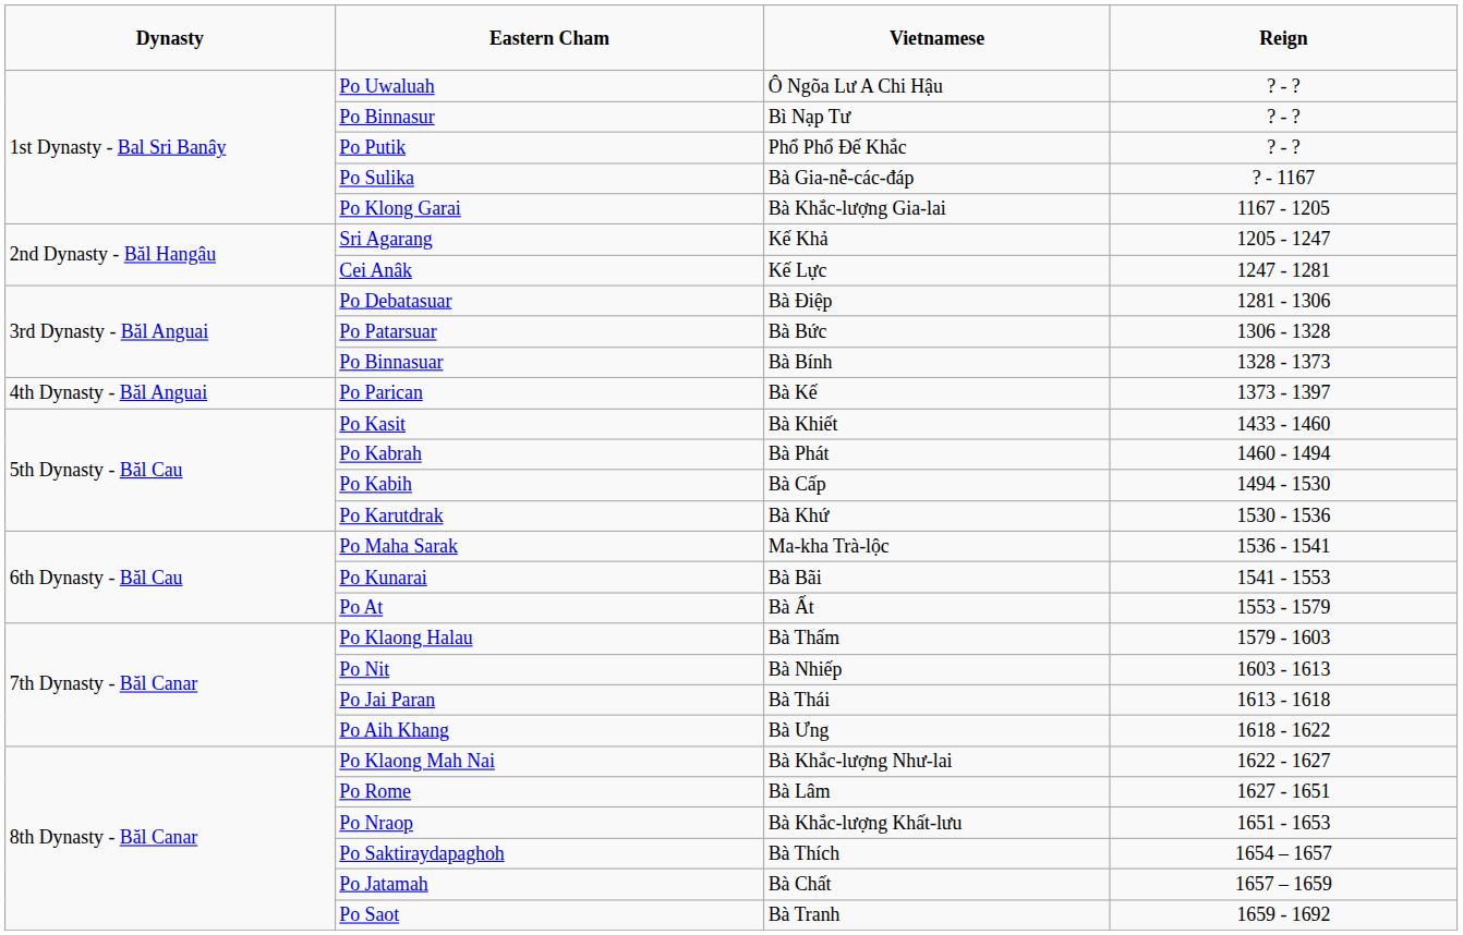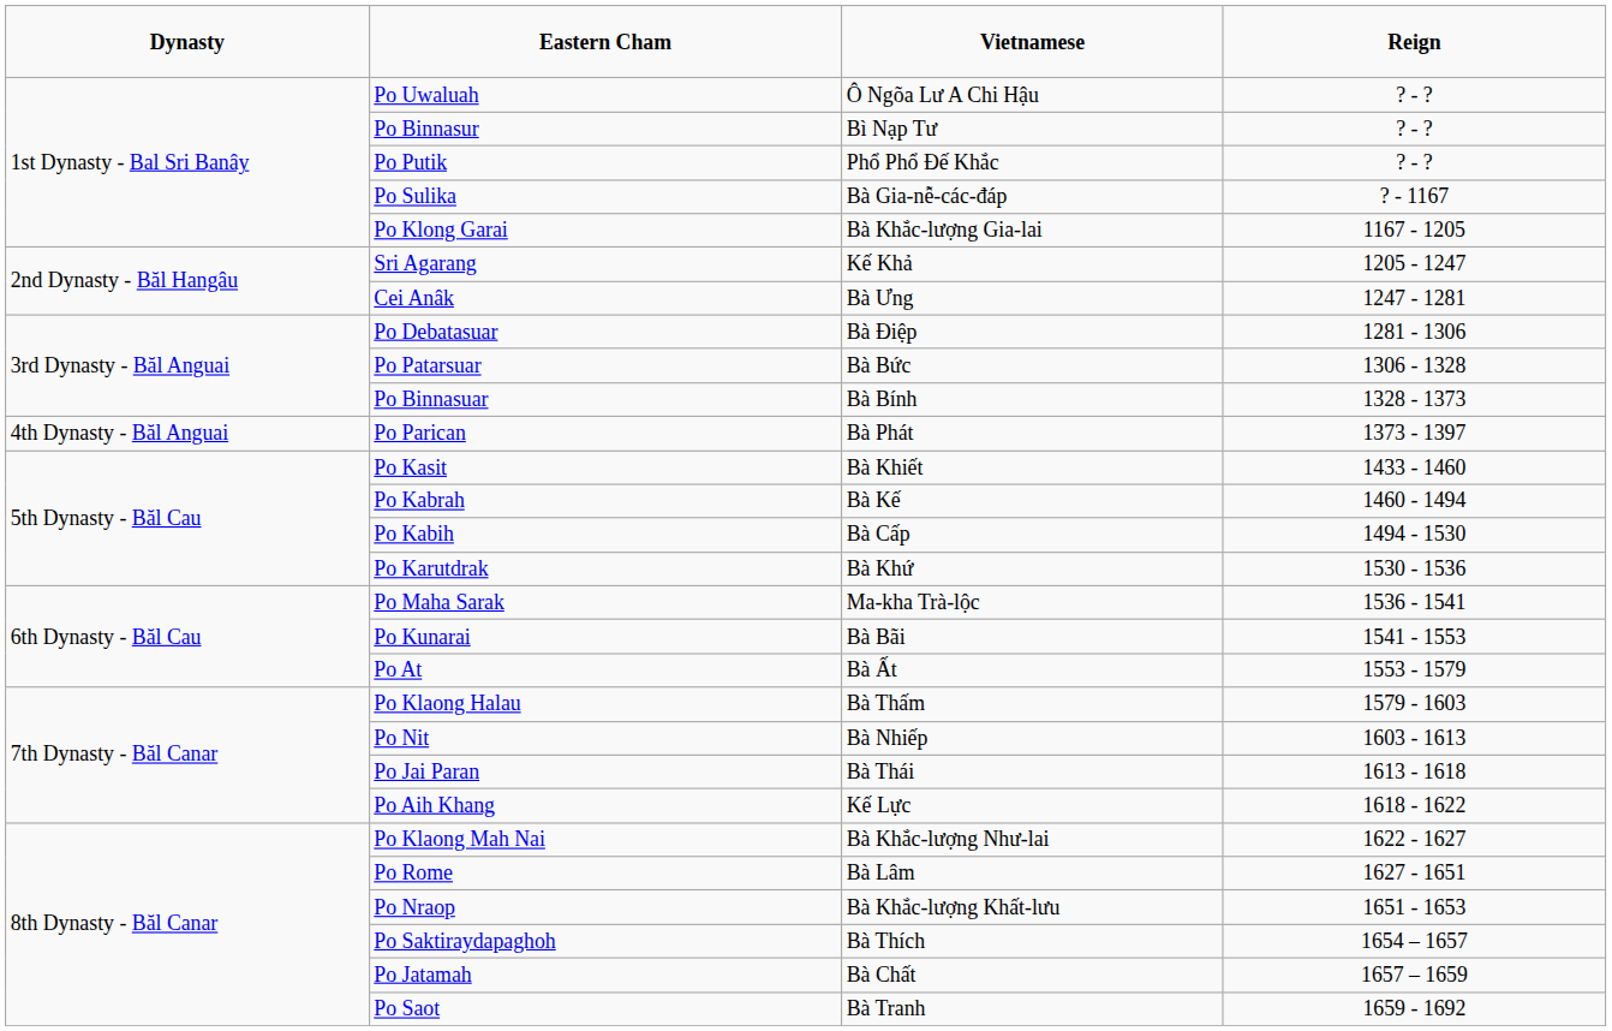 <table class="wikitable" style="border-collapse: collapse" width="95%" border="1" cellpadding="2">
 <tr>
 <td width="20%" height="47" align="center" valign="middle"><span><strong>Dynasty</strong></span></td>
 <td width="26%" height="47" align="center"><span><strong>Eastern Cham</strong></span></td>
 <td width="21%" height="47" align="center"><span><strong>Vietnamese</strong></span></td>
 <td width="21%" height="47" align="center"><span><strong>Reign</strong></span></td>
 </tr>
 <tr>
 <td rowspan="5" valign="middle">1st Dynasty - <a href='#'>Bal Sri Banây</a></td>
 <td><a href='#'>Po Uwaluah</a></td>
 <td>Ô Ngõa Lư A Chi Hậu</td>
 <td align="center">? - ?</td>
 </tr>
 <tr>
 <td><a href='#'>Po Binnasur</a></td>
 <td>Bì Nạp Tư</td>
 <td align="center">? - ?</td>
 </tr>
 <tr>
 <td><a href='#'>Po Putik</a></td>
 <td>Phổ Phổ Đế Khắc</td>
 <td align="center">? - ?</td>
 </tr>
 <tr>
 <td><a href='#'>Po Sulika</a></td>
 <td>Bà Gia-nễ-các-đáp</td>
 <td align="center">? - 1167</td>
 </tr>
 <tr>
 <td><a href='#'>Po Klong Garai</a></td>
 <td>Bà Khắc-lượng Gia-lai</td>
 <td align="center">1167 - 1205</td>
 </tr>
 <tr>
 <td rowspan="2" valign="middle">2nd Dynasty - <a href='#'>Băl Hangâu</a></td>
 <td><a href='#'>Sri Agarang</a></td>
 <td>Kế Khả</td>
 <td align="center">1205 - 1247</td>
 </tr>
 <tr>
 <td><a href='#'>Cei Anâk</a></td>
-<td>Kế Lực</td>
+<td>Bà Ưng</td>
 <td align="center">1247 - 1281</td>
 </tr>
 <tr>
 <td rowspan="3" valign="middle">3rd Dynasty - <a href='#'>Băl Anguai</a></td>
 <td><a href='#'>Po Debatasuar</a></td>
 <td>Bà Điệp</td>
 <td align="center">1281 - 1306</td>
 </tr>
 <tr>
 <td><a href='#'>Po Patarsuar</a></td>
 <td>Bà Bức</td>
 <td align="center">1306 - 1328</td>
 </tr>
 <tr>
 <td><a href='#'>Po Binnasuar</a></td>
 <td>Bà Bính</td>
 <td align="center">1328 - 1373</td>
 </tr>
 <tr>
 <td rowspan="1" valign="middle">4th Dynasty - <a href='#'>Băl Anguai</a></td>
 <td><a href='#'>Po Parican</a></td>
-<td>Bà Kế</td>
+<td>Bà Phát</td>
 <td align="center">1373 - 1397</td>
 </tr>
 <tr>
 <td rowspan="4" valign="middle">5th Dynasty - <a href='#'>Băl Cau</a></td>
 <td><a href='#'>Po Kasit</a></td>
 <td>Bà Khiết</td>
 <td align="center">1433 - 1460</td>
 </tr>
 <tr>
 <td><a href='#'>Po Kabrah</a></td>
-<td>Bà Phát</td>
+<td>Bà Kế</td>
 <td align="center">1460 - 1494</td>
 </tr>
 <tr>
 <td><a href='#'>Po Kabih</a></td>
 <td>Bà Cấp</td>
 <td align="center">1494 - 1530</td>
 </tr>
 <tr>
 <td><a href='#'>Po Karutdrak</a></td>
 <td>Bà Khứ</td>
 <td align="center">1530 - 1536</td>
 </tr>
 <tr>
 <td rowspan="3" valign="middle">6th Dynasty - <a href='#'>Băl Cau</a></td>
 <td><a href='#'>Po Maha Sarak</a></td>
 <td>Ma-kha Trà-lộc</td>
 <td align="center">1536 - 1541</td>
 </tr>
 <tr>
 <td><a href='#'>Po Kunarai</a></td>
 <td>Bà Bãi</td>
 <td align="center">1541 - 1553</td>
 </tr>
 <tr>
 <td><a href='#'>Po At</a></td>
 <td>Bà Ất</td>
 <td align="center">1553 - 1579</td>
 </tr>
 <tr>
 <td rowspan="4" valign="middle">7th Dynasty - <a href='#'>Băl Canar</a></td>
 <td><a href='#'>Po Klaong Halau</a></td>
 <td>Bà Thấm</td>
 <td align="center">1579 - 1603</td>
 </tr>
 <tr>
 <td><a href='#'>Po Nit</a></td>
 <td>Bà Nhiếp</td>
 <td align="center">1603 - 1613</td>
 </tr>
 <tr>
 <td><a href='#'>Po Jai Paran</a></td>
 <td>Bà Thái</td>
 <td align="center">1613 - 1618</td>
 </tr>
 <tr>
 <td><a href='#'>Po Aih Khang</a></td>
-<td>Bà Ưng</td>
+<td>Kế Lực</td>
 <td align="center">1618 - 1622</td>
 </tr>
 <tr>
 <td rowspan="6" valign="middle">8th Dynasty - <a href='#'>Băl Canar</a></td>
 <td><a href='#'>Po Klaong Mah Nai</a></td>
 <td>Bà Khắc-lượng Như-lai</td>
 <td align="center">1622 - 1627</td>
 </tr>
 <tr>
 <td><a href='#'>Po Rome</a></td>
 <td>Bà Lâm</td>
 <td align="center">1627 - 1651</td>
 </tr>
 <tr>
 <td><a href='#'>Po Nraop</a></td>
 <td>Bà Khắc-lượng Khất-lưu</td>
 <td align="center">1651 - 1653</td>
 </tr>
 <tr>
 <td><a href='#'>Po Saktiraydapaghoh</a></td>
 <td>Bà Thích</td>
 <td align="center">1654 – 1657</td>
 </tr>
 <tr>
 <td><a href='#'>Po Jatamah</a></td>
 <td>Bà Chất</td>
 <td align="center">1657 – 1659</td>
 </tr>
 <tr>
 <td><a href='#'>Po Saot</a></td>
 <td>Bà Tranh</td>
 <td align="center">1659 - 1692</td>
 </tr>
 </table>
